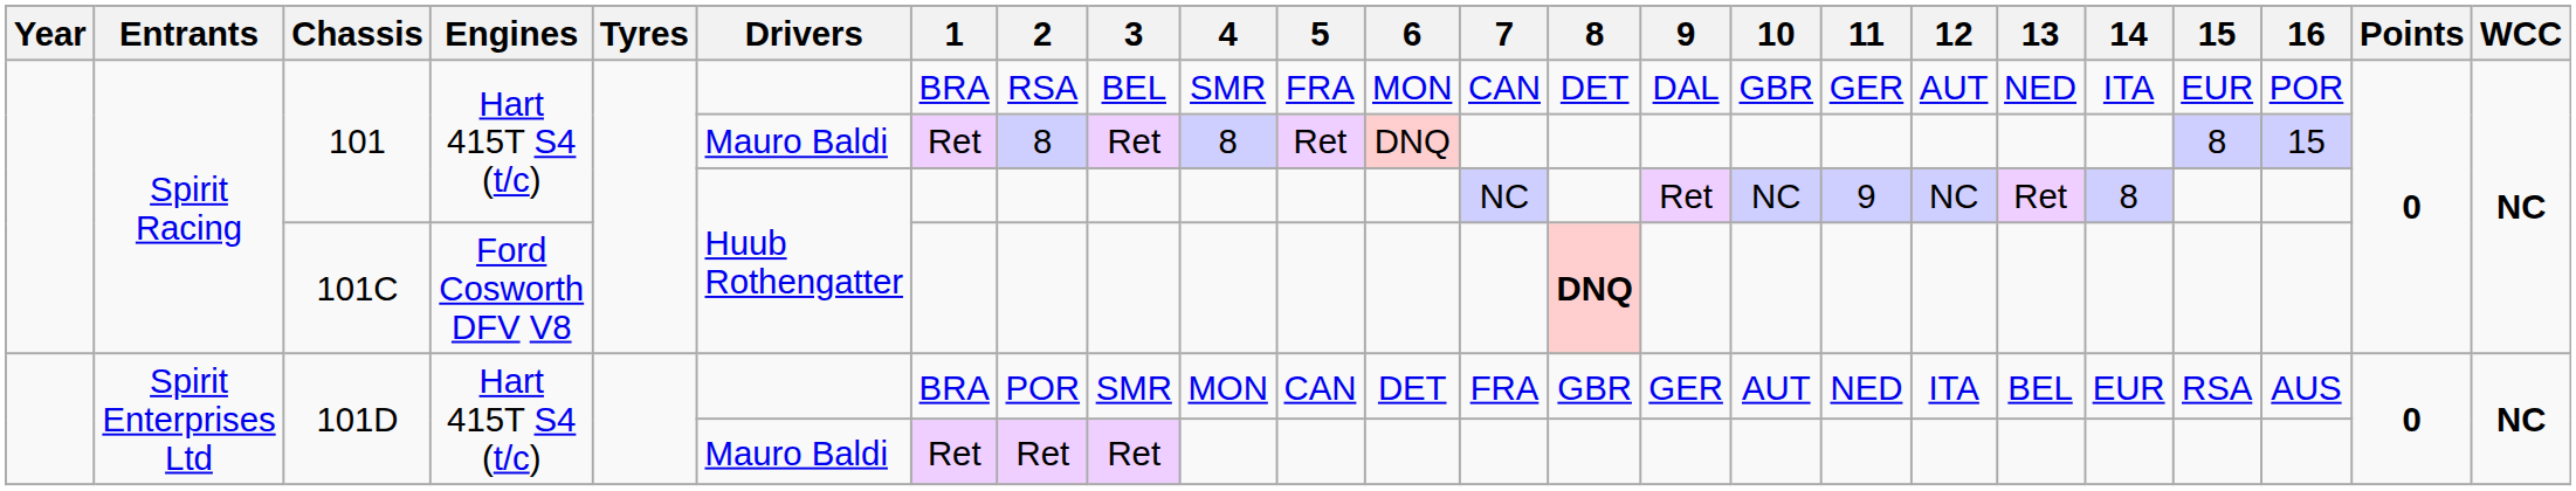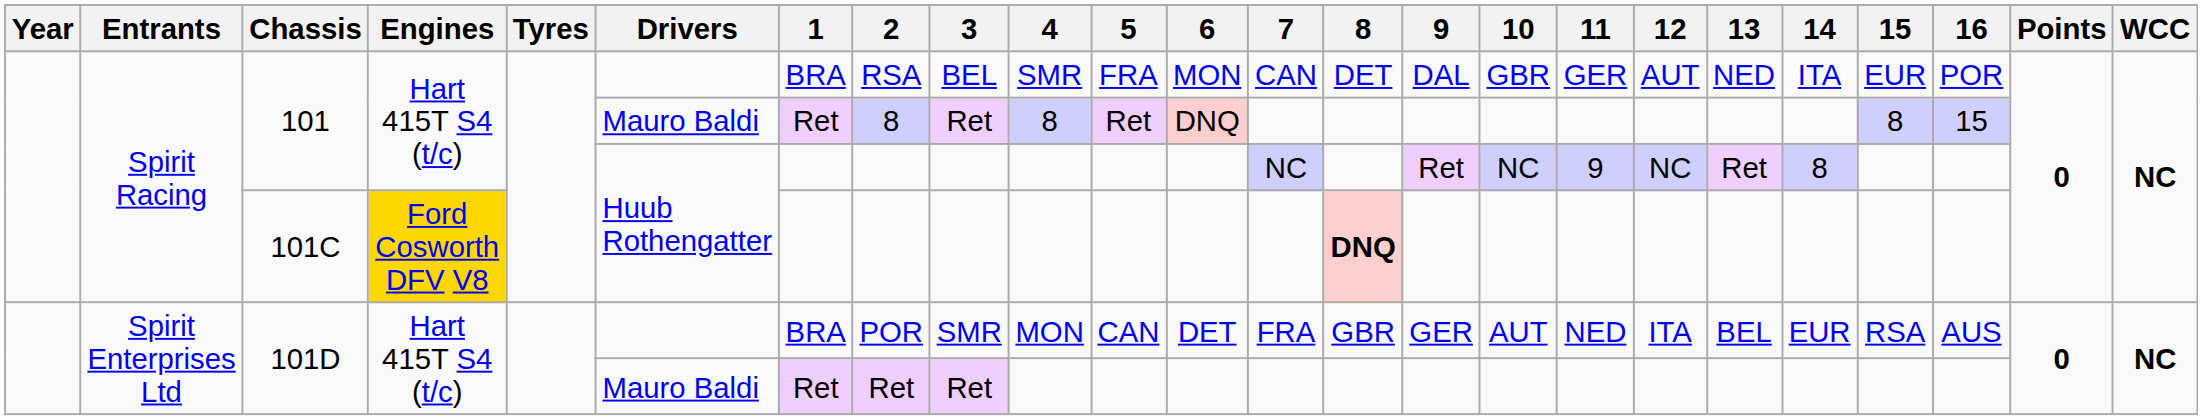 <table class="wikitable" style="text-align:center; font-size:95%">
 <tr>
 <th>Year</th>
 <th>Entrants</th>
 <th>Chassis</th>
 <th>Engines</th>
 <th>Tyres</th>
 <th>Drivers</th>
 <th>1</th>
 <th>2</th>
 <th>3</th>
 <th>4</th>
 <th>5</th>
 <th>6</th>
 <th>7</th>
 <th>8</th>
 <th>9</th>
 <th>10</th>
 <th>11</th>
 <th>12</th>
 <th>13</th>
 <th>14</th>
 <th>15</th>
 <th>16</th>
 <th>Points</th>
 <th>WCC</th>
 </tr>
 <tr>
 <td rowspan=4></td>
 <td rowspan=4><a href='#'>Spirit Racing</a></td>
 <td rowspan=3>101</td>
 <td rowspan=3><a href='#'>Hart</a> 415T <a href='#'>S4</a> (<a href='#'>t/c</a>)</td>
 <td rowspan=4></td>
 <td></td>
 <td><a href='#'>BRA</a></td>
 <td><a href='#'>RSA</a></td>
 <td><a href='#'>BEL</a></td>
 <td><a href='#'>SMR</a></td>
 <td><a href='#'>FRA</a></td>
 <td><a href='#'>MON</a></td>
 <td><a href='#'>CAN</a></td>
 <td><a href='#'>DET</a></td>
 <td><a href='#'>DAL</a></td>
 <td><a href='#'>GBR</a></td>
 <td><a href='#'>GER</a></td>
 <td><a href='#'>AUT</a></td>
 <td><a href='#'>NED</a></td>
 <td><a href='#'>ITA</a></td>
 <td><a href='#'>EUR</a></td>
 <td><a href='#'>POR</a></td>
 <td rowspan="4"><strong>0</strong></td>
 <td rowspan="4"><strong>NC</strong></td>
 </tr>
 <tr>
 <td align="left"><a href='#'>Mauro Baldi</a></td>
 <td style="background:#efcfff;">Ret</td>
 <td style="background:#cfcfff;">8</td>
 <td style="background:#efcfff;">Ret</td>
 <td style="background:#cfcfff;">8</td>
 <td style="background:#efcfff;">Ret</td>
 <td style="background:#ffcfcf;">DNQ</td>
 <td></td>
 <td></td>
 <td></td>
 <td></td>
 <td></td>
 <td></td>
 <td></td>
 <td></td>
 <td style="background:#cfcfff;">8</td>
 <td style="background:#cfcfff;">15</td>
 </tr>
 <tr>
 <td rowspan="2" align="left"><a href='#'>Huub Rothengatter</a></td>
 <td></td>
 <td></td>
 <td></td>
 <td></td>
 <td></td>
 <td></td>
 <td style="background:#cfcfff;">NC</td>
 <td></td>
 <td style="background:#efcfff;">Ret</td>
 <td style="background:#cfcfff;">NC</td>
 <td style="background:#cfcfff;">9</td>
 <td style="background:#cfcfff;">NC</td>
 <td style="background:#efcfff;">Ret</td>
 <td style="background:#cfcfff;">8</td>
 <td></td>
 <td></td>
 </tr>
 <tr>
 <td>101C</td>
-<td><a href='#'>Ford</a> <a href='#'>Cosworth DFV</a> <a href='#'>V8</a></td>
+<td style="background: gold;"><a href='#'>Ford</a> <a href='#'>Cosworth DFV</a> <a href='#'>V8</a></td>
 <td></td>
 <td></td>
 <td></td>
 <td></td>
 <td></td>
 <td></td>
 <td></td>
 <td style="background:#ffcfcf;"><strong>DNQ</strong></td>
 <td></td>
 <td></td>
 <td></td>
 <td></td>
 <td></td>
 <td></td>
 <td></td>
 <td></td>
 </tr>
 <tr>
 <td rowspan=2></td>
 <td rowspan=2><a href='#'>Spirit Enterprises Ltd</a></td>
 <td rowspan=2>101D</td>
 <td rowspan=2><a href='#'>Hart</a> 415T <a href='#'>S4</a> (<a href='#'>t/c</a>)</td>
 <td rowspan=2></td>
 <td></td>
 <td><a href='#'>BRA</a></td>
 <td><a href='#'>POR</a></td>
 <td><a href='#'>SMR</a></td>
 <td><a href='#'>MON</a></td>
 <td><a href='#'>CAN</a></td>
 <td><a href='#'>DET</a></td>
 <td><a href='#'>FRA</a></td>
 <td><a href='#'>GBR</a></td>
 <td><a href='#'>GER</a></td>
 <td><a href='#'>AUT</a></td>
 <td><a href='#'>NED</a></td>
 <td><a href='#'>ITA</a></td>
 <td><a href='#'>BEL</a></td>
 <td><a href='#'>EUR</a></td>
 <td><a href='#'>RSA</a></td>
 <td><a href='#'>AUS</a></td>
 <td rowspan="2"><strong>0</strong></td>
 <td rowspan="2"><strong>NC</strong></td>
 </tr>
 <tr>
 <td align="left"><a href='#'>Mauro Baldi</a></td>
 <td style="background:#efcfff;">Ret</td>
 <td style="background:#efcfff;">Ret</td>
 <td style="background:#efcfff;">Ret</td>
 <td></td>
 <td></td>
 <td></td>
 <td></td>
 <td></td>
 <td></td>
 <td></td>
 <td></td>
 <td></td>
 <td></td>
 <td></td>
 <td></td>
 <td></td>
 </tr>
 </table>
